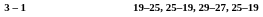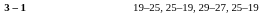 <table width=100% cellspacing=1>
 <tr>
 <th width=20%></th>
 <th width=12%></th>
 <th width=20%></th>
 <th width=33%></th>
 <td></td>
 </tr>
 <tr style=font-size:95%>
 <td align=right><strong></strong></td>
 <td align=center><strong>3 – 1</strong></td>
 <td></td>
-<td><strong>19–25, 25–19, 29–27, 25–19</strong></td>
+<td>19–25, 25–19, 29–27, 25–19</td>
 </tr>
 </table>
